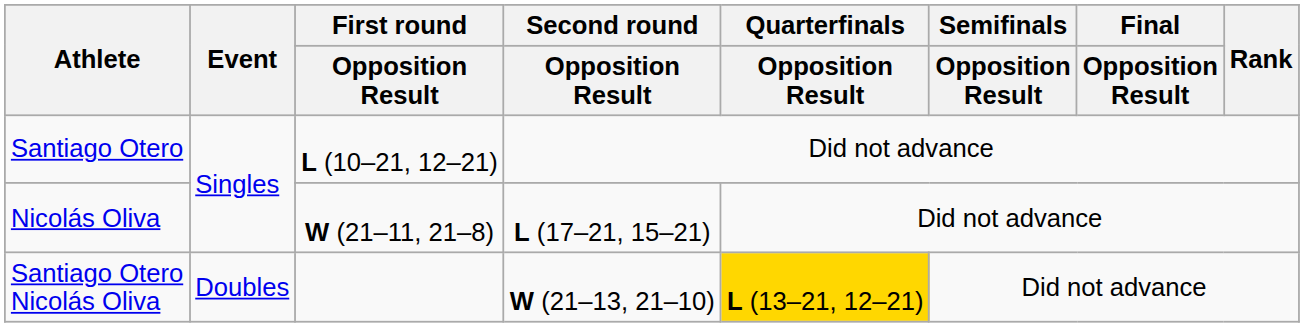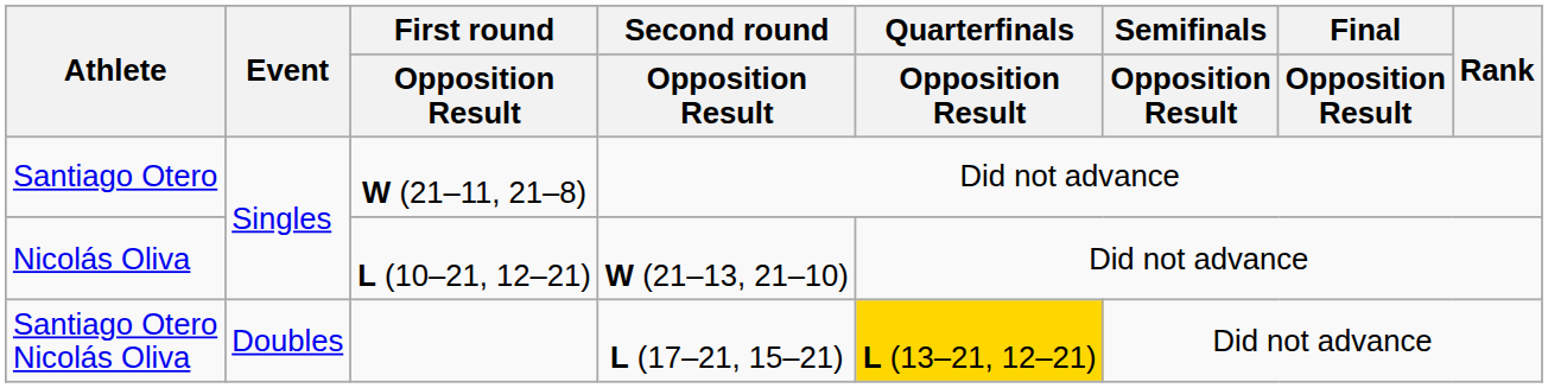 <table class="wikitable" style="font-size:90%">
 <tr>
 <th rowspan="2">Athlete</th>
 <th rowspan="2">Event</th>
 <th>First round</th>
 <th>Second round</th>
 <th>Quarterfinals</th>
 <th>Semifinals</th>
 <th>Final</th>
 <th rowspan="2">Rank</th>
 </tr>
 <tr>
 <th>Opposition<br>Result</th>
 <th>Opposition<br>Result</th>
 <th>Opposition<br>Result</th>
 <th>Opposition<br>Result</th>
 <th>Opposition<br>Result</th>
 </tr>
 <tr>
 <td><a href='#'>Santiago Otero</a></td>
 <td rowspan=2><a href='#'>Singles</a></td>
-<td align=center><br><strong>L</strong> (10–21, 12–21)</td>
+<td align=center><br><strong>W</strong> (21–11, 21–8)</td>
 <td align=center colspan=5>Did not advance</td>
 </tr>
 <tr>
 <td><a href='#'>Nicolás Oliva</a></td>
-<td align=center><br><strong>W</strong> (21–11, 21–8)</td>
-<td align=center><br><strong>L</strong> (17–21, 15–21)</td>
+<td align=center><br><strong>L</strong> (10–21, 12–21)</td>
+<td align=center><br><strong>W</strong> (21–13, 21–10)</td>
 <td align=center colspan=4>Did not advance</td>
 </tr>
 <tr>
 <td><a href='#'>Santiago Otero</a><br><a href='#'>Nicolás Oliva</a></td>
 <td rowspan=2><a href='#'>Doubles</a></td>
 <td></td>
-<td align=center><br><strong>W</strong> (21–13, 21–10)</td>
+<td align=center><br><strong>L</strong> (17–21, 15–21)</td>
 <td align=center style="background: gold;"><br><strong>L</strong> (13–21, 12–21)</td>
 <td align=center colspan=3>Did not advance</td>
 </tr>
 </table>
